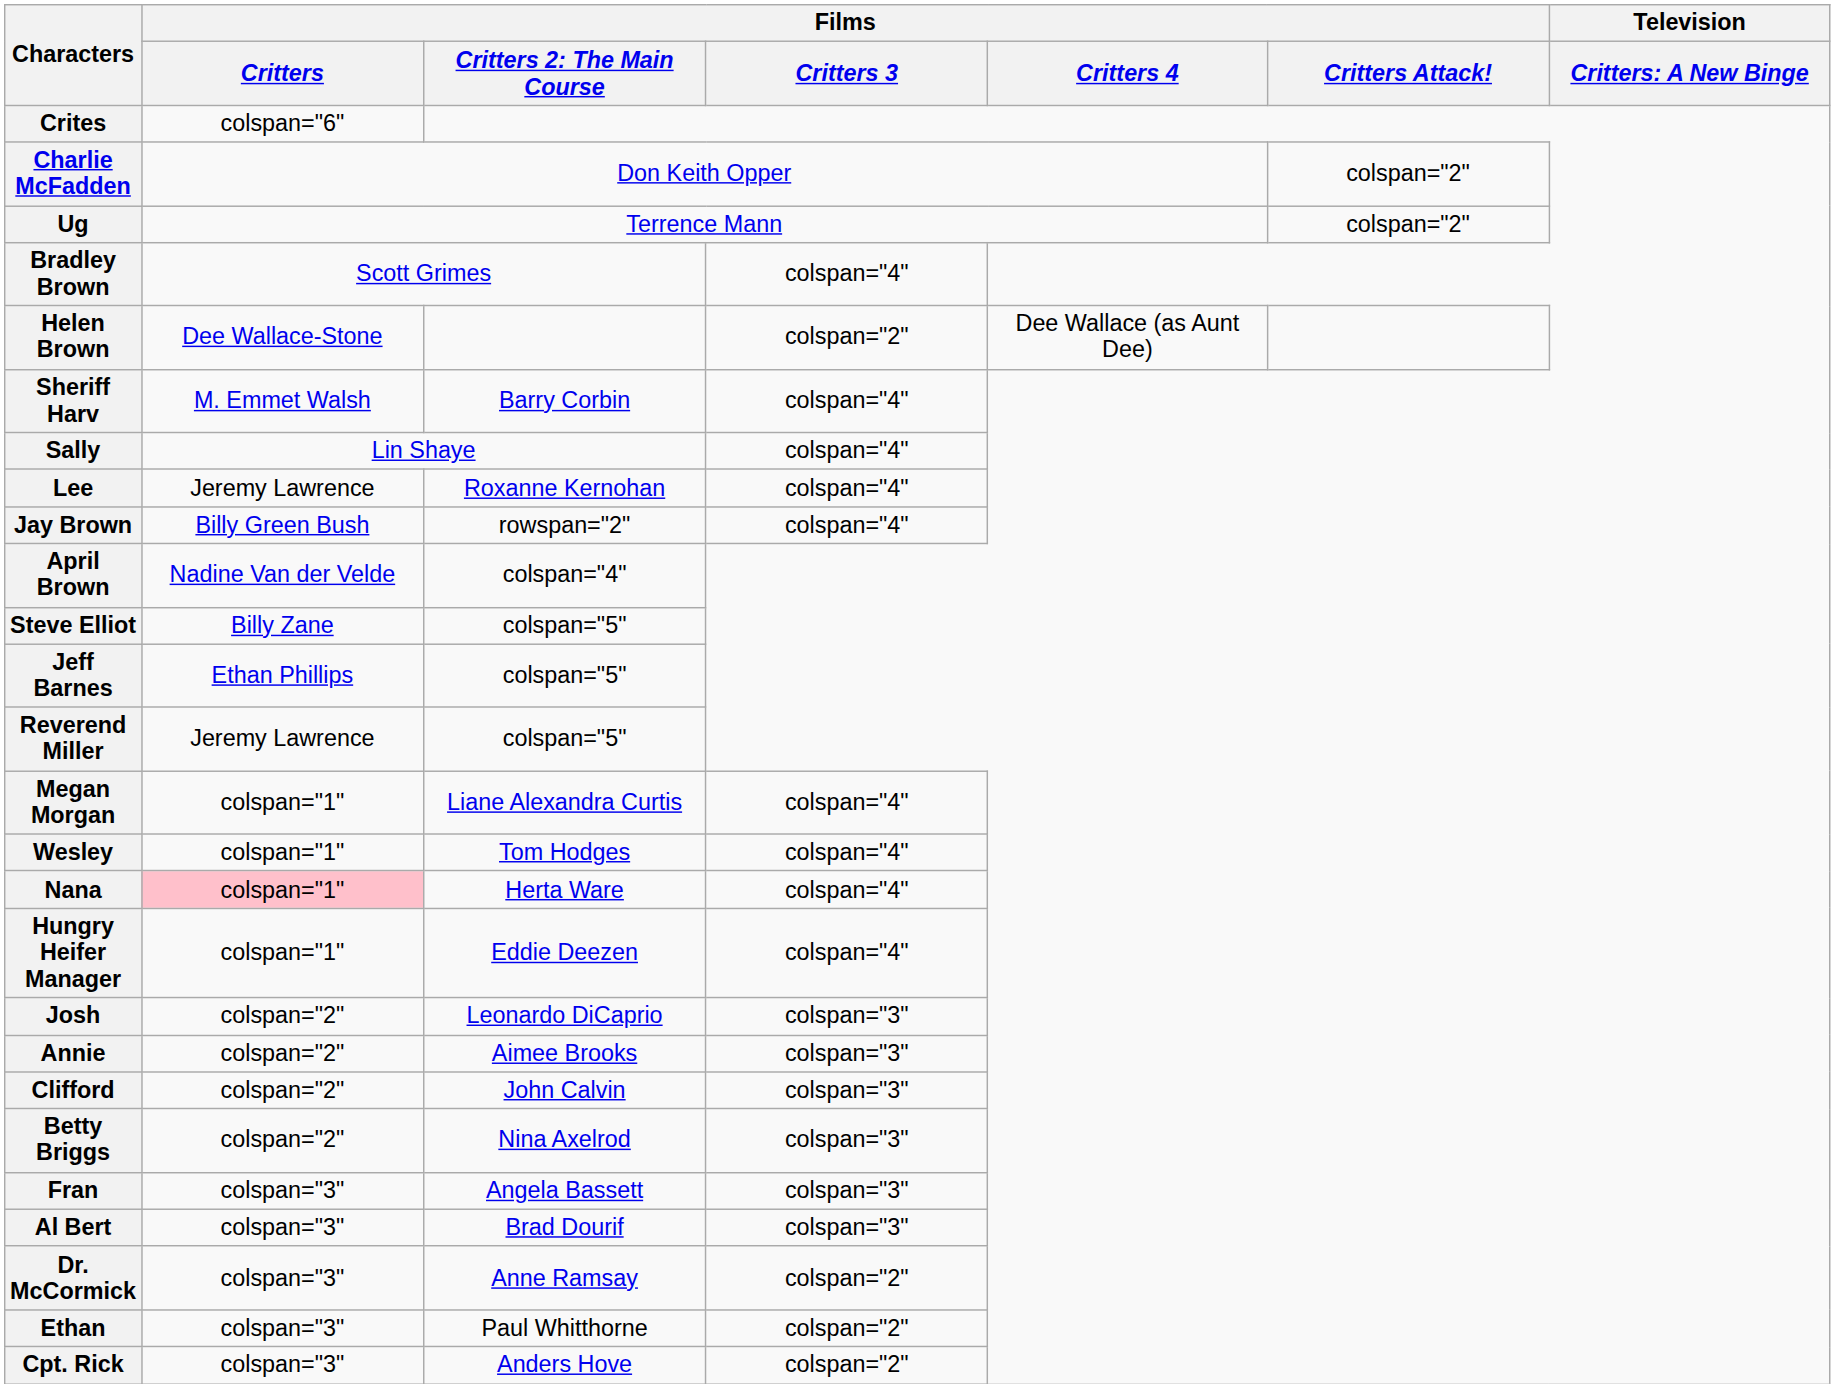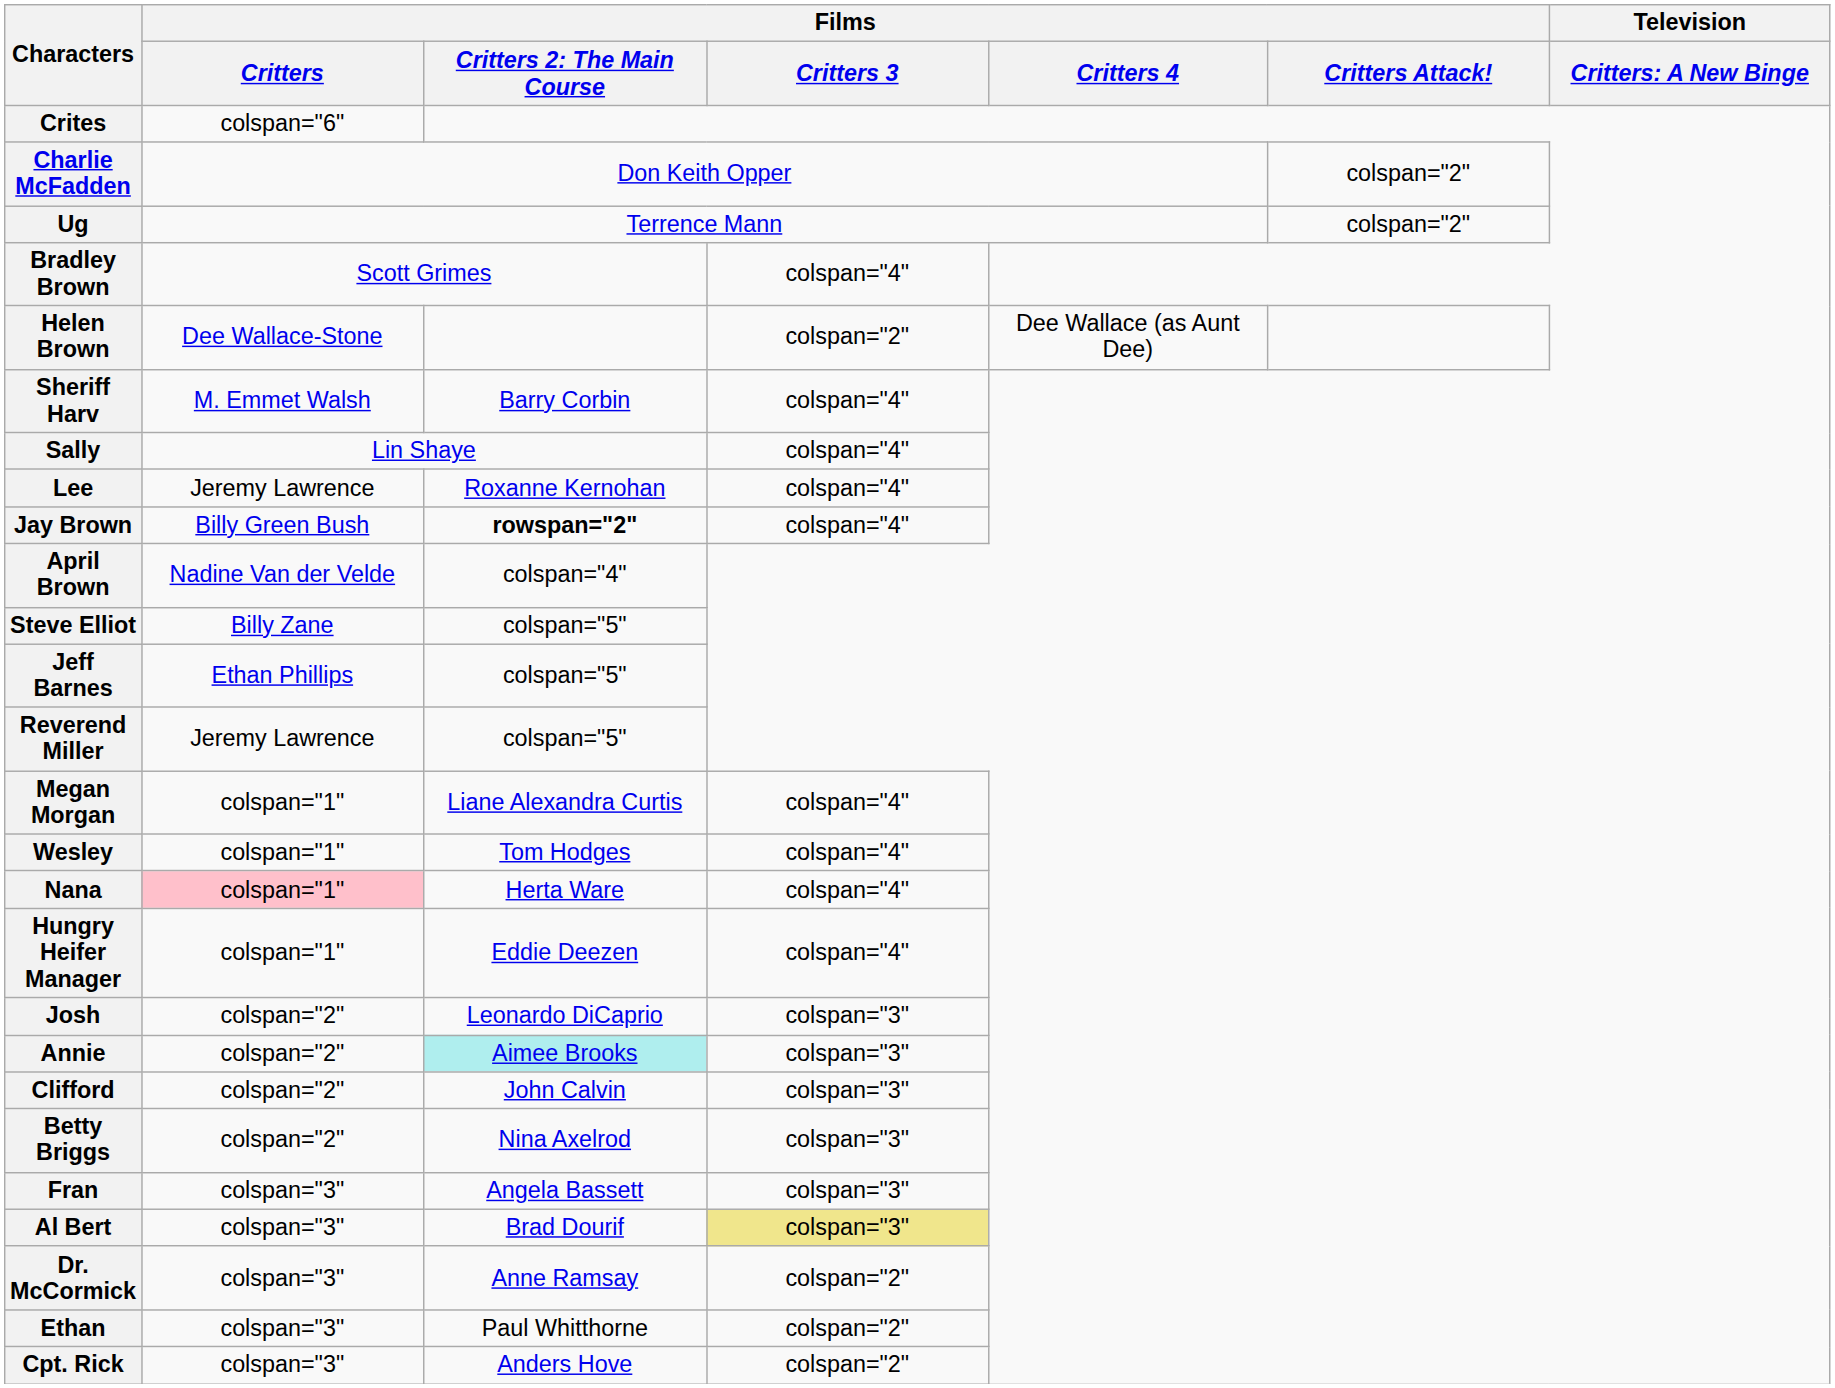 <table class="wikitable" style="text-align:center; width:99%;">
 <tr>
 <th scope="col" rowspan="2">Characters</th>
 <th scope="col" colspan="5" style="text-align:center;">Films</th>
 <th scope="col" colspan="1" style="text-align:center;">Television</th>
 </tr>
 <tr>
 <th style="width:16%"><em><a href='#'>Critters</a></em></th>
 <th style="width:16%"><em><a href='#'>Critters 2: The Main Course</a></em></th>
 <th style="width:16%"><em><a href='#'>Critters 3</a></em></th>
 <th style="width:16%"><em><a href='#'>Critters 4</a></em></th>
 <th style="width:16%"><em><a href='#'>Critters Attack!</a></em></th>
 <th style="width:16%"><em><a href='#'>Critters: A New Binge</a></em></th>
 </tr>
 <tr>
 <th scope="row">Crites</th>
 <td>colspan="6" </td>
 </tr>
 <tr>
 <th scope="row"><a href='#'>Charlie McFadden</a></th>
 <td colspan="4"><a href='#'>Don Keith Opper</a></td>
 <td>colspan="2" </td>
 </tr>
 <tr>
 <th scope="row">Ug</th>
 <td colspan="4"><a href='#'>Terrence Mann</a></td>
 <td>colspan="2" </td>
 </tr>
 <tr>
 <th scope="row">Bradley Brown</th>
 <td colspan="2"><a href='#'>Scott Grimes</a></td>
 <td>colspan="4" </td>
 </tr>
 <tr>
 <th scope="row">Helen Brown</th>
 <td colspan="1"><a href='#'>Dee Wallace-Stone</a></td>
 <td></td>
 <td>colspan="2" </td>
 <td>Dee Wallace (as Aunt Dee)</td>
 <td></td>
 </tr>
 <tr>
 <th scope="row">Sheriff Harv</th>
 <td colspan="1"><a href='#'>M. Emmet Walsh</a></td>
 <td colspan="1"><a href='#'>Barry Corbin</a></td>
 <td>colspan="4" </td>
 </tr>
 <tr>
 <th scope="row">Sally</th>
 <td colspan="2"><a href='#'>Lin Shaye</a></td>
 <td>colspan="4" </td>
 </tr>
 <tr>
 <th scope="row">Lee</th>
 <td colspan="1">Jeremy Lawrence</td>
 <td><a href='#'>Roxanne Kernohan</a></td>
 <td>colspan="4" </td>
 </tr>
 <tr>
 <th scope="row">Jay Brown</th>
 <td colspan="1"><a href='#'>Billy Green Bush</a></td>
-<td>rowspan="2" </td>
+<td><strong>rowspan="2" </strong></td>
 <td>colspan="4" </td>
 </tr>
 <tr>
 <th scope="row">April Brown</th>
 <td colspan="1"><a href='#'>Nadine Van der Velde</a></td>
 <td>colspan="4" </td>
 </tr>
 <tr>
 <th scope="row">Steve Elliot</th>
 <td colspan="1"><a href='#'>Billy Zane</a></td>
 <td>colspan="5" </td>
 </tr>
 <tr>
 <th scope="row">Jeff Barnes</th>
 <td colspan="1"><a href='#'>Ethan Phillips</a></td>
 <td>colspan="5" </td>
 </tr>
 <tr>
 <th scope="row">Reverend Miller</th>
 <td colspan="1">Jeremy Lawrence</td>
 <td>colspan="5" </td>
 </tr>
 <tr>
 <th scope="row">Megan Morgan</th>
 <td>colspan="1" </td>
 <td colspan="1"><a href='#'>Liane Alexandra Curtis</a></td>
 <td>colspan="4" </td>
 </tr>
 <tr>
 <th scope="row">Wesley</th>
 <td>colspan="1" </td>
 <td colspan="1"><a href='#'>Tom Hodges</a></td>
 <td>colspan="4" </td>
 </tr>
 <tr>
 <th scope="row">Nana</th>
 <td style="background: pink;">colspan="1" </td>
 <td colspan="1"><a href='#'>Herta Ware</a></td>
 <td>colspan="4" </td>
 </tr>
 <tr>
 <th scope="row">Hungry Heifer Manager</th>
 <td>colspan="1" </td>
 <td colspan="1"><a href='#'>Eddie Deezen</a></td>
 <td>colspan="4" </td>
 </tr>
 <tr>
 <th scope="row">Josh</th>
 <td>colspan="2" </td>
 <td colspan="1"><a href='#'>Leonardo DiCaprio</a></td>
 <td>colspan="3" </td>
 </tr>
 <tr>
 <th scope="row">Annie</th>
 <td>colspan="2" </td>
-<td colspan="1"><a href='#'>Aimee Brooks</a></td>
+<td colspan="1" style="background: paleturquoise;"><a href='#'>Aimee Brooks</a></td>
 <td>colspan="3" </td>
 </tr>
 <tr>
 <th scrope="row">Clifford</th>
 <td>colspan="2" </td>
 <td><a href='#'>John Calvin</a></td>
 <td>colspan="3" </td>
 </tr>
 <tr>
 <th scrope="row">Betty Briggs</th>
 <td>colspan="2" </td>
 <td><a href='#'>Nina Axelrod</a></td>
 <td>colspan="3" </td>
 </tr>
 <tr>
 <th scope="row">Fran</th>
 <td>colspan="3" </td>
 <td colspan="1"><a href='#'>Angela Bassett</a></td>
 <td>colspan="3" </td>
 </tr>
 <tr>
 <th scope="row">Al Bert</th>
 <td>colspan="3" </td>
 <td colspan="1"><a href='#'>Brad Dourif</a></td>
-<td>colspan="3" </td>
+<td style="background: khaki;">colspan="3" </td>
 </tr>
 <tr>
 <th scope="row">Dr. McCormick</th>
 <td>colspan="3" </td>
 <td colspan="1"><a href='#'>Anne Ramsay</a></td>
 <td>colspan="2" </td>
 </tr>
 <tr>
 <th scope="row">Ethan</th>
 <td>colspan="3" </td>
 <td colspan="1">Paul Whitthorne</td>
 <td>colspan="2" </td>
 </tr>
 <tr>
 <th scope="row">Cpt. Rick</th>
 <td>colspan="3" </td>
 <td colspan="1"><a href='#'>Anders Hove</a></td>
 <td>colspan="2" </td>
 </tr>
 <tr>
 </tr>
 </table>
